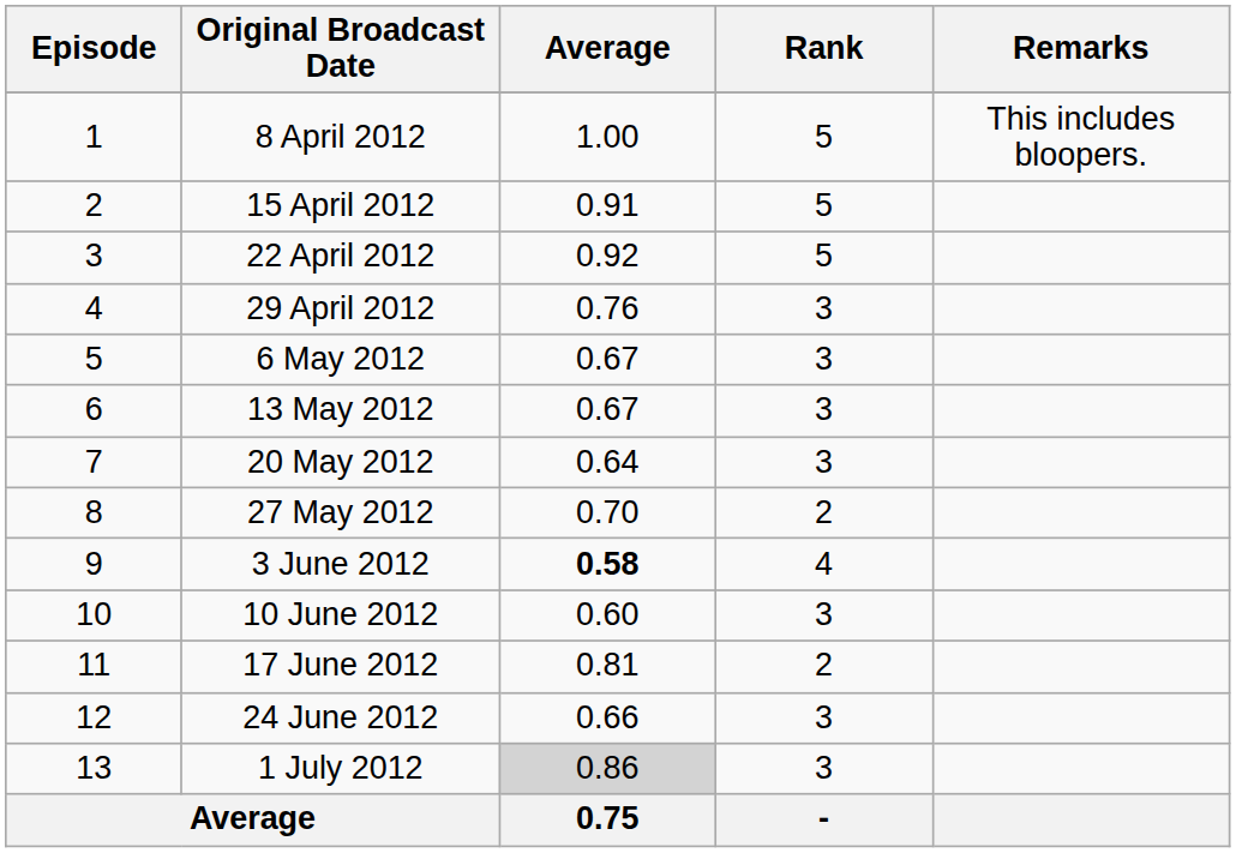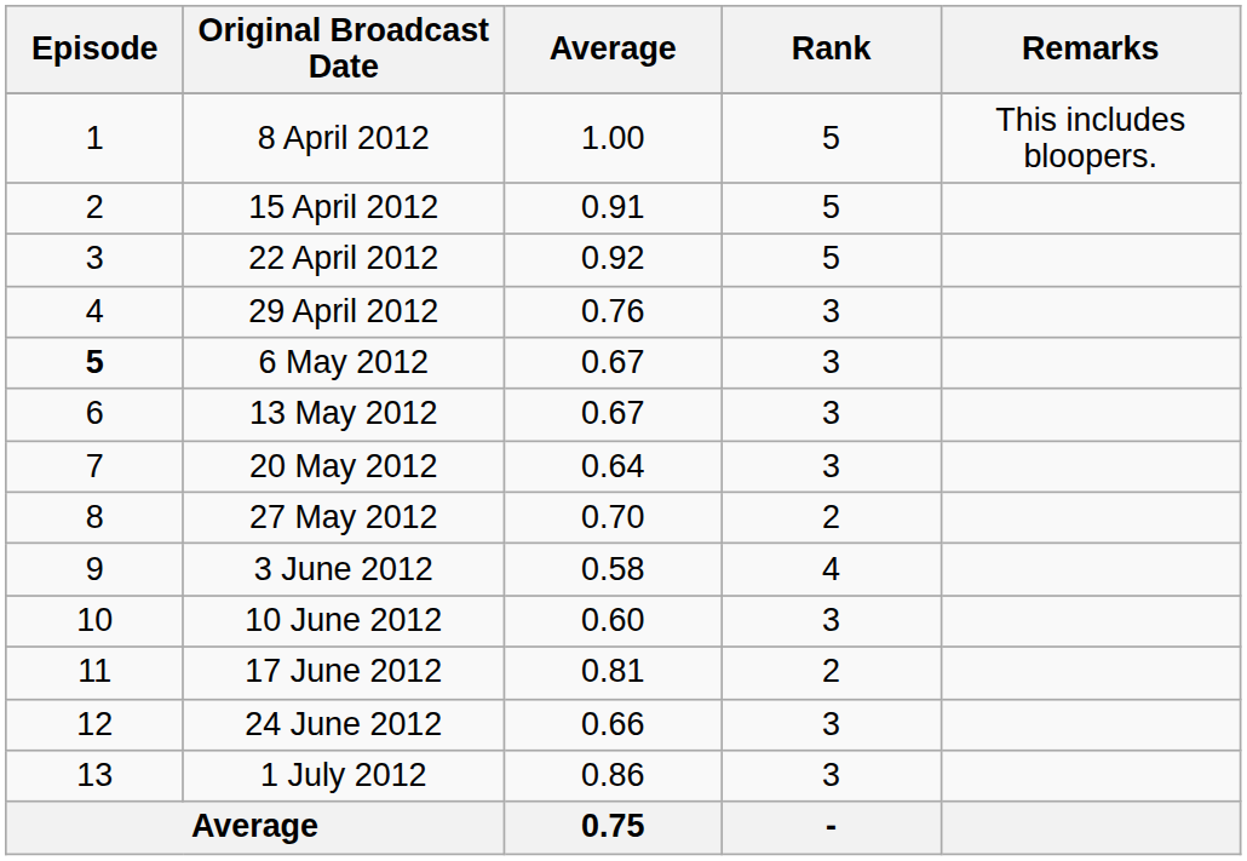 <table class="wikitable" style="text-align:center">
 <tr>
 <th width=80>Episode</th>
 <th width=150>Original Broadcast Date</th>
 <th width=100>Average</th>
 <th width=100>Rank</th>
 <th>Remarks</th>
 </tr>
 <tr>
 </tr>
 <tr>
 <td>1</td>
 <td>8 April 2012</td>
 <td>1.00</td>
 <td>5</td>
 <td>This includes bloopers.</td>
 </tr>
 <tr>
 <td>2</td>
 <td>15 April 2012</td>
 <td>0.91</td>
 <td>5</td>
 <td></td>
 </tr>
 <tr>
 <td>3</td>
 <td>22 April 2012</td>
 <td>0.92</td>
 <td>5</td>
 <td></td>
 </tr>
 <tr>
 <td>4</td>
 <td>29 April 2012</td>
 <td>0.76</td>
 <td>3</td>
 <td></td>
 </tr>
 <tr>
-<td>5</td>
+<td><strong>5</strong></td>
 <td>6 May 2012</td>
 <td>0.67</td>
 <td>3</td>
 <td></td>
 </tr>
 <tr>
 <td>6</td>
 <td>13 May 2012</td>
 <td>0.67</td>
 <td>3</td>
 <td></td>
 </tr>
 <tr>
 <td>7</td>
 <td>20 May 2012</td>
 <td>0.64</td>
 <td>3</td>
 <td></td>
 </tr>
 <tr>
 <td>8</td>
 <td>27 May 2012</td>
 <td>0.70</td>
 <td>2</td>
 <td></td>
 </tr>
 <tr>
 <td>9</td>
 <td>3 June 2012</td>
-<td><strong>0.58</strong></td>
+<td>0.58</td>
 <td>4</td>
 <td></td>
 </tr>
 <tr>
 <td>10</td>
 <td>10 June 2012</td>
 <td>0.60</td>
 <td>3</td>
 <td></td>
 </tr>
 <tr>
 <td>11</td>
 <td>17 June 2012</td>
 <td>0.81</td>
 <td>2</td>
 <td></td>
 </tr>
 <tr>
 <td>12</td>
 <td>24 June 2012</td>
 <td>0.66</td>
 <td>3</td>
 <td></td>
 </tr>
 <tr>
 <td>13</td>
 <td>1 July 2012</td>
-<td style="background: lightgrey;">0.86</td>
+<td>0.86</td>
 <td>3</td>
 <td></td>
 </tr>
 <tr>
 <th colspan=2>Average</th>
 <th>0.75</th>
 <th>-</th>
 <th></th>
 </tr>
 </table>
